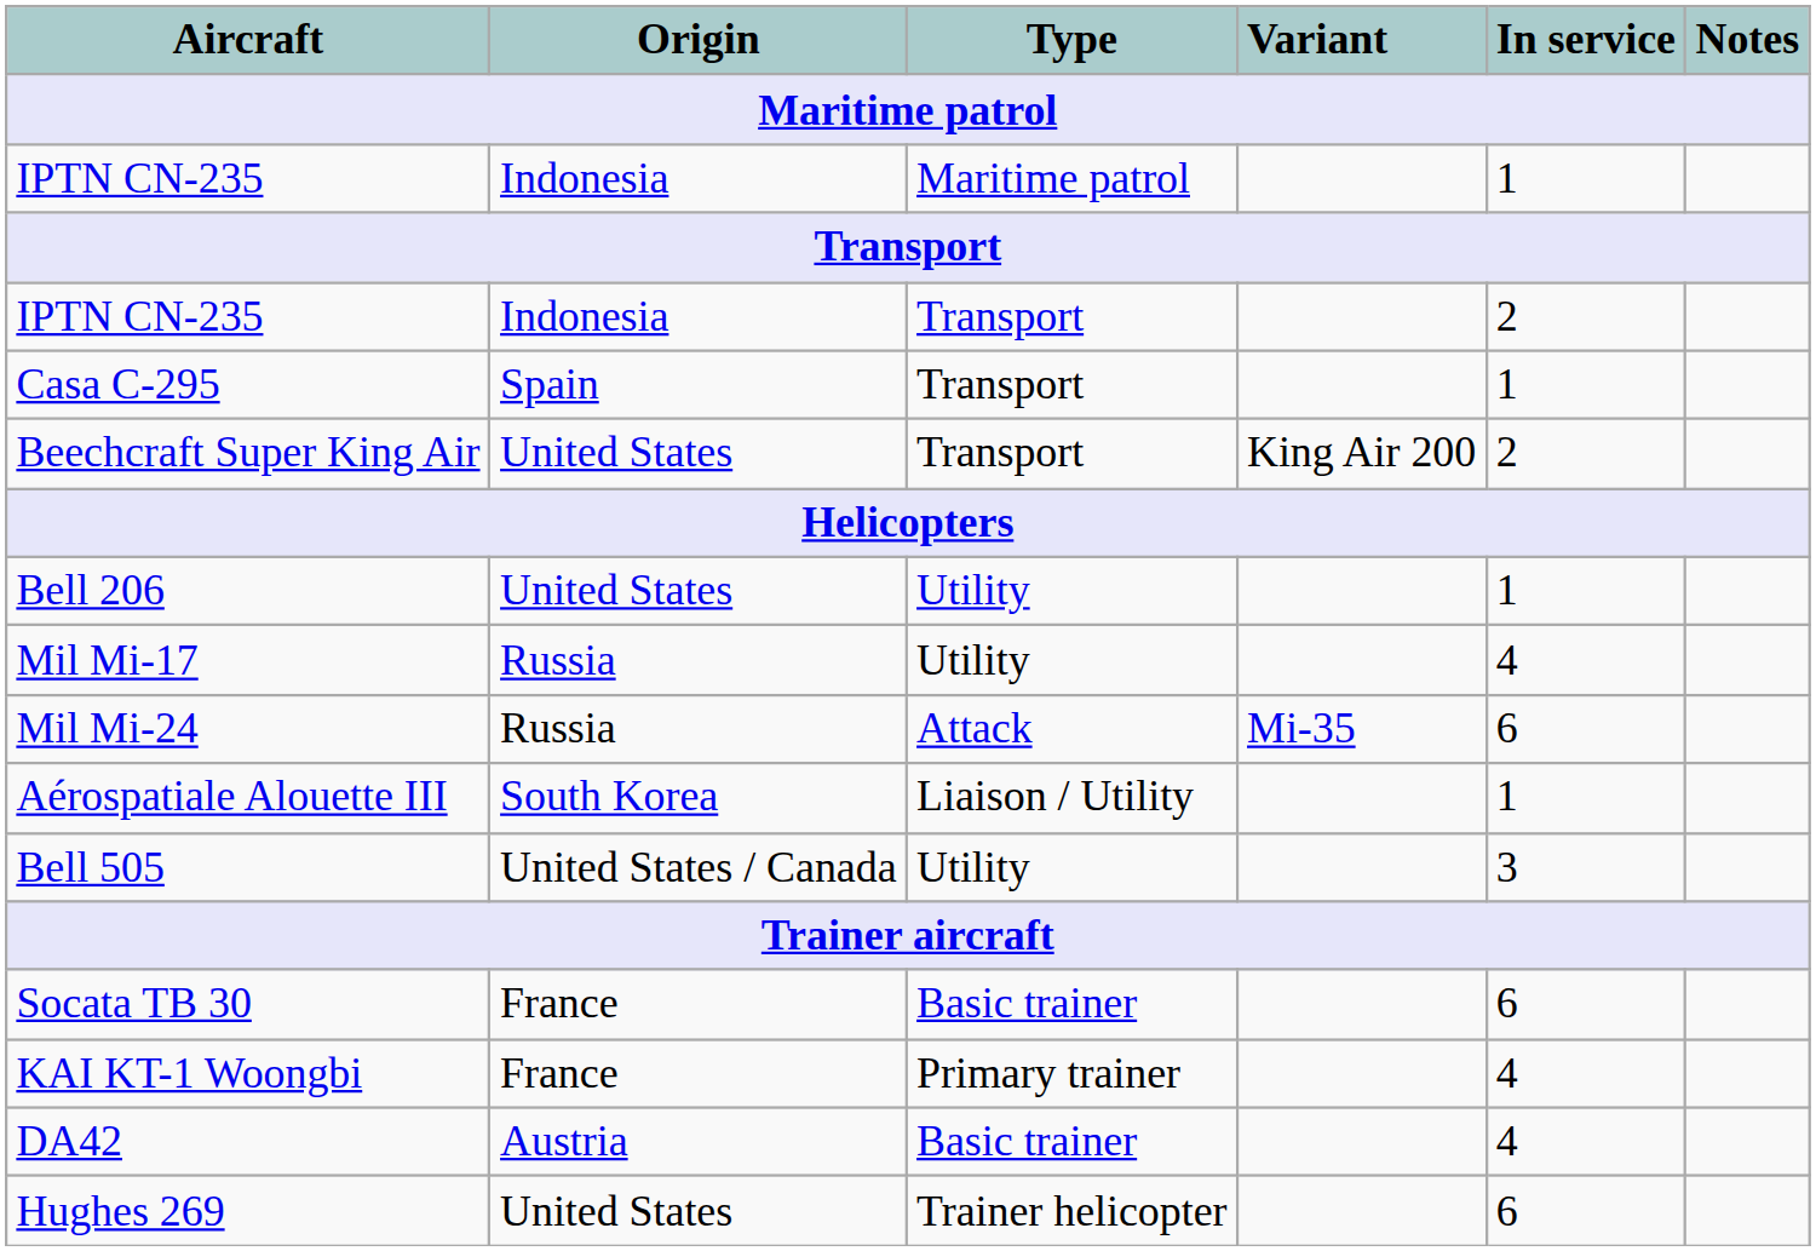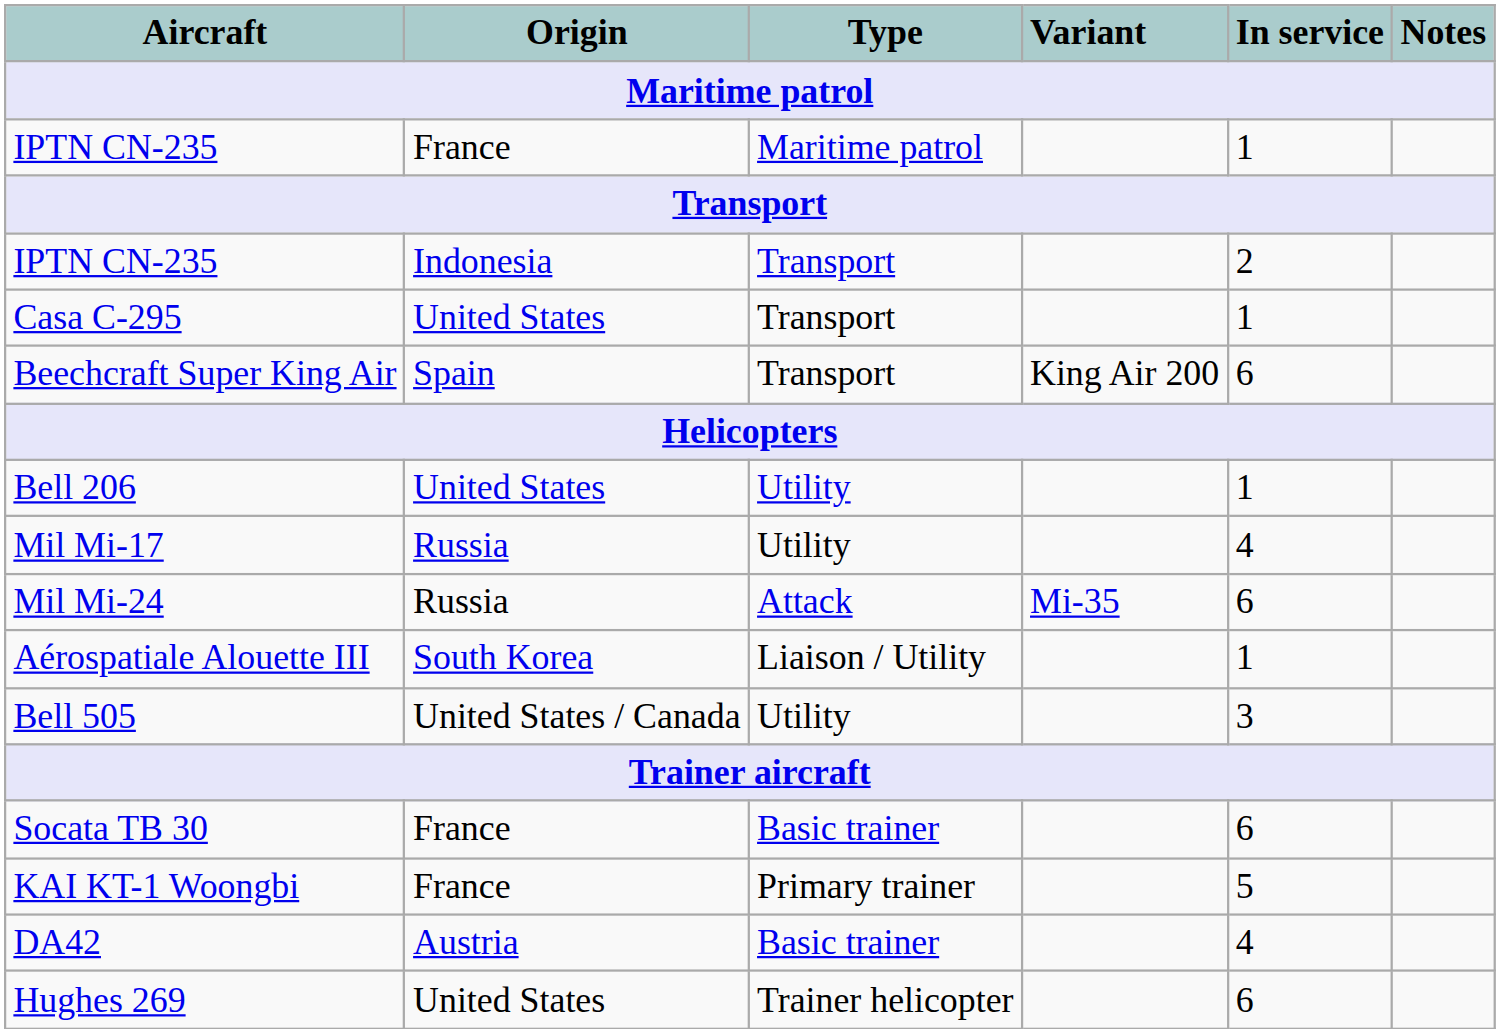 <table class="wikitable">
 <tr>
 <th style="text-align:center; background:#acc;">Aircraft</th>
 <th style="text-align: center; background:#acc;">Origin</th>
 <th style="text-align:l center; background:#acc;">Type</th>
 <th style="text-align:left; background:#acc;">Variant</th>
 <th style="text-align:center; background:#acc;">In service</th>
 <th style="text-align: center; background:#acc;">Notes</th>
 </tr>
 <tr>
 <th style="align: center; background: lavender;" colspan="6"><a href='#'>Maritime patrol</a></th>
 </tr>
 <tr>
 <td><a href='#'>IPTN CN-235</a></td>
-<td><a href='#'>Indonesia</a></td>
+<td>France</td>
 <td><a href='#'>Maritime patrol</a></td>
 <td></td>
 <td>1</td>
 <td></td>
 </tr>
 <tr>
 <th style="align: center; background: lavender;" colspan="6"><a href='#'>Transport</a></th>
 </tr>
 <tr>
 <td><a href='#'>IPTN CN-235</a></td>
 <td><a href='#'>Indonesia</a></td>
 <td><a href='#'>Transport</a></td>
 <td></td>
 <td>2</td>
 <td></td>
 </tr>
 <tr>
 <td><a href='#'>Casa C-295</a></td>
-<td><a href='#'>Spain</a></td>
+<td><a href='#'>United States</a></td>
 <td>Transport</td>
 <td></td>
 <td>1</td>
 <td></td>
 </tr>
 <tr>
 <td><a href='#'>Beechcraft Super King Air</a></td>
-<td><a href='#'>United States</a></td>
+<td><a href='#'>Spain</a></td>
 <td>Transport</td>
 <td>King Air 200</td>
-<td>2</td>
+<td>6</td>
 <td></td>
 </tr>
 <tr>
 <th style="align: center; background: lavender;" colspan="6"><a href='#'>Helicopters</a></th>
 </tr>
 <tr>
 <td><a href='#'>Bell 206</a></td>
 <td><a href='#'>United States</a></td>
 <td><a href='#'>Utility</a></td>
 <td></td>
 <td>1</td>
 <td></td>
 </tr>
 <tr>
 <td><a href='#'>Mil Mi-17</a></td>
 <td><a href='#'>Russia</a></td>
 <td>Utility</td>
 <td></td>
 <td>4</td>
 <td></td>
 </tr>
 <tr>
 <td><a href='#'>Mil Mi-24</a></td>
 <td>Russia</td>
 <td><a href='#'>Attack</a></td>
 <td><a href='#'>Mi-35</a></td>
 <td>6</td>
 <td></td>
 </tr>
 <tr>
 <td><a href='#'>Aérospatiale Alouette III</a></td>
 <td><a href='#'>South Korea</a></td>
 <td>Liaison / Utility</td>
 <td></td>
 <td>1</td>
 <td></td>
 </tr>
 <tr>
 <td><a href='#'>Bell 505</a></td>
 <td>United States / Canada</td>
 <td>Utility</td>
 <td></td>
 <td>3</td>
 <td></td>
 </tr>
 <tr>
 <th style="align: center; background: lavender;" colspan="6"><a href='#'>Trainer aircraft</a></th>
 </tr>
 <tr>
 <td><a href='#'>Socata TB 30</a></td>
 <td>France</td>
 <td><a href='#'>Basic trainer</a></td>
 <td></td>
 <td>6</td>
 <td></td>
 </tr>
 <tr>
 <td><a href='#'>KAI KT-1 Woongbi</a></td>
 <td>France</td>
 <td>Primary trainer</td>
 <td></td>
-<td>4</td>
+<td>5</td>
 <td></td>
 </tr>
 <tr>
 <td><a href='#'>DA42</a></td>
 <td><a href='#'>Austria</a></td>
 <td><a href='#'>Basic trainer</a></td>
 <td></td>
 <td>4</td>
 <td></td>
 </tr>
 <tr>
 <td><a href='#'>Hughes 269</a></td>
 <td>United States</td>
 <td>Trainer helicopter</td>
 <td></td>
 <td>6</td>
 <td></td>
 </tr>
 </table>
